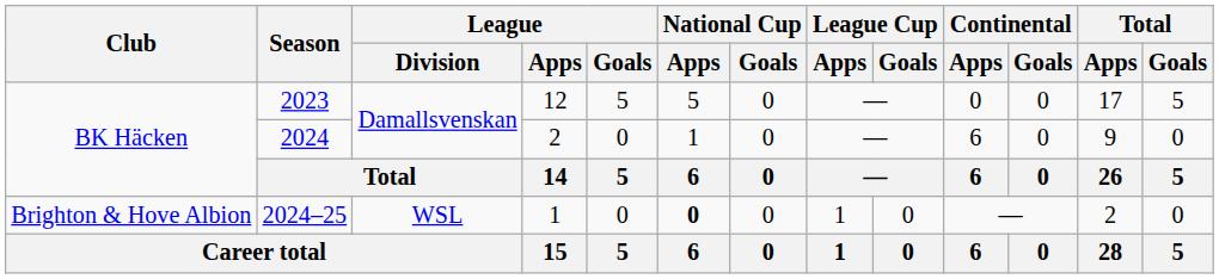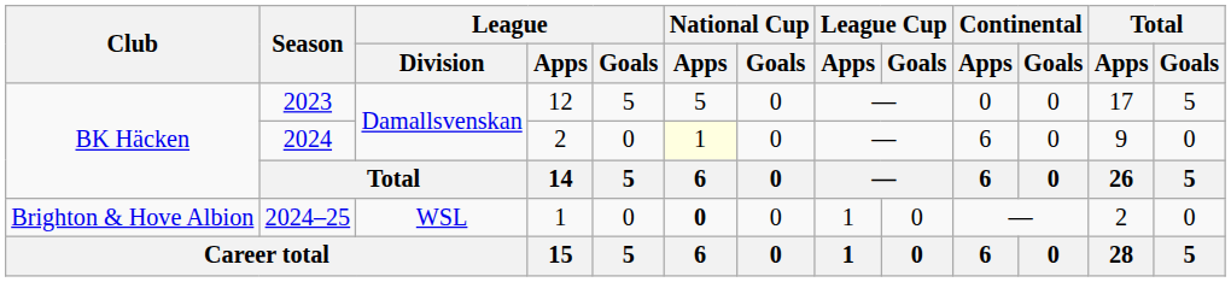 <table class="wikitable" style="text-align:center">
 <tr>
 <th rowspan="2">Club</th>
 <th rowspan="2">Season</th>
 <th colspan="3">League</th>
 <th colspan="2">National Cup</th>
 <th colspan="2">League Cup</th>
 <th colspan="2">Continental</th>
 <th colspan="2">Total</th>
 </tr>
 <tr>
 <th>Division</th>
 <th>Apps</th>
 <th>Goals</th>
 <th>Apps</th>
 <th>Goals</th>
 <th>Apps</th>
 <th>Goals</th>
 <th>Apps</th>
 <th>Goals</th>
 <th>Apps</th>
 <th>Goals</th>
 </tr>
 <tr>
 <td rowspan="3"><a href='#'>BK Häcken</a></td>
 <td><a href='#'>2023</a></td>
 <td rowspan="2"><a href='#'>Damallsvenskan</a></td>
 <td>12</td>
 <td>5</td>
 <td>5</td>
 <td>0</td>
 <td colspan=2>—</td>
 <td>0</td>
 <td>0</td>
 <td>17</td>
 <td>5</td>
 </tr>
 <tr>
 <td><a href='#'>2024</a></td>
 <td>2</td>
 <td>0</td>
-<td>1</td>
+<td style="background: lightyellow;">1</td>
 <td>0</td>
 <td colspan=2>—</td>
 <td>6</td>
 <td>0</td>
 <td>9</td>
 <td>0</td>
 </tr>
 <tr>
 <th colspan="2">Total</th>
 <th>14</th>
 <th>5</th>
 <th>6</th>
 <th>0</th>
 <th colspan=2>—</th>
 <th>6</th>
 <th>0</th>
 <th>26</th>
 <th>5</th>
 </tr>
 <tr>
 <td><a href='#'>Brighton & Hove Albion</a></td>
 <td><a href='#'>2024–25</a></td>
 <td><a href='#'>WSL</a></td>
 <td>1</td>
 <td>0</td>
 <td><strong>0</strong></td>
 <td>0</td>
 <td>1</td>
 <td>0</td>
 <td colspan=2>—</td>
 <td>2</td>
 <td>0</td>
 </tr>
 <tr>
 <th colspan="3">Career total</th>
 <th>15</th>
 <th>5</th>
 <th>6</th>
 <th>0</th>
 <th>1</th>
 <th>0</th>
 <th>6</th>
 <th>0</th>
 <th>28</th>
 <th>5</th>
 </tr>
 </table>
